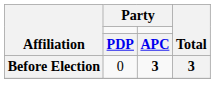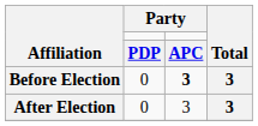 <table class=wikitable style="text-align:center">
 <tr style="vertical-align:bottom;">
 <th rowspan=3>Affiliation</th>
 <th colspan=2>Party</th>
 <th rowspan=3>Total</th>
 </tr>
 <tr>
 <td style="background-color:"></td>
 <td style="background-color:"></td>
 </tr>
 <tr>
 <th><a href='#'>PDP</a></th>
 <th><a href='#'>APC</a></th>
 </tr>
 <tr>
 <th>Before Election</th>
 <td>0</td>
 <td><strong>3</strong></td>
 <th>3</th>
 </tr>
 <tr>
+<th>After Election</th>
+<td>0</td>
+<td>3</td>
+<th>3</th>
+</tr>
+<tr>
 </tr>
 </table>
